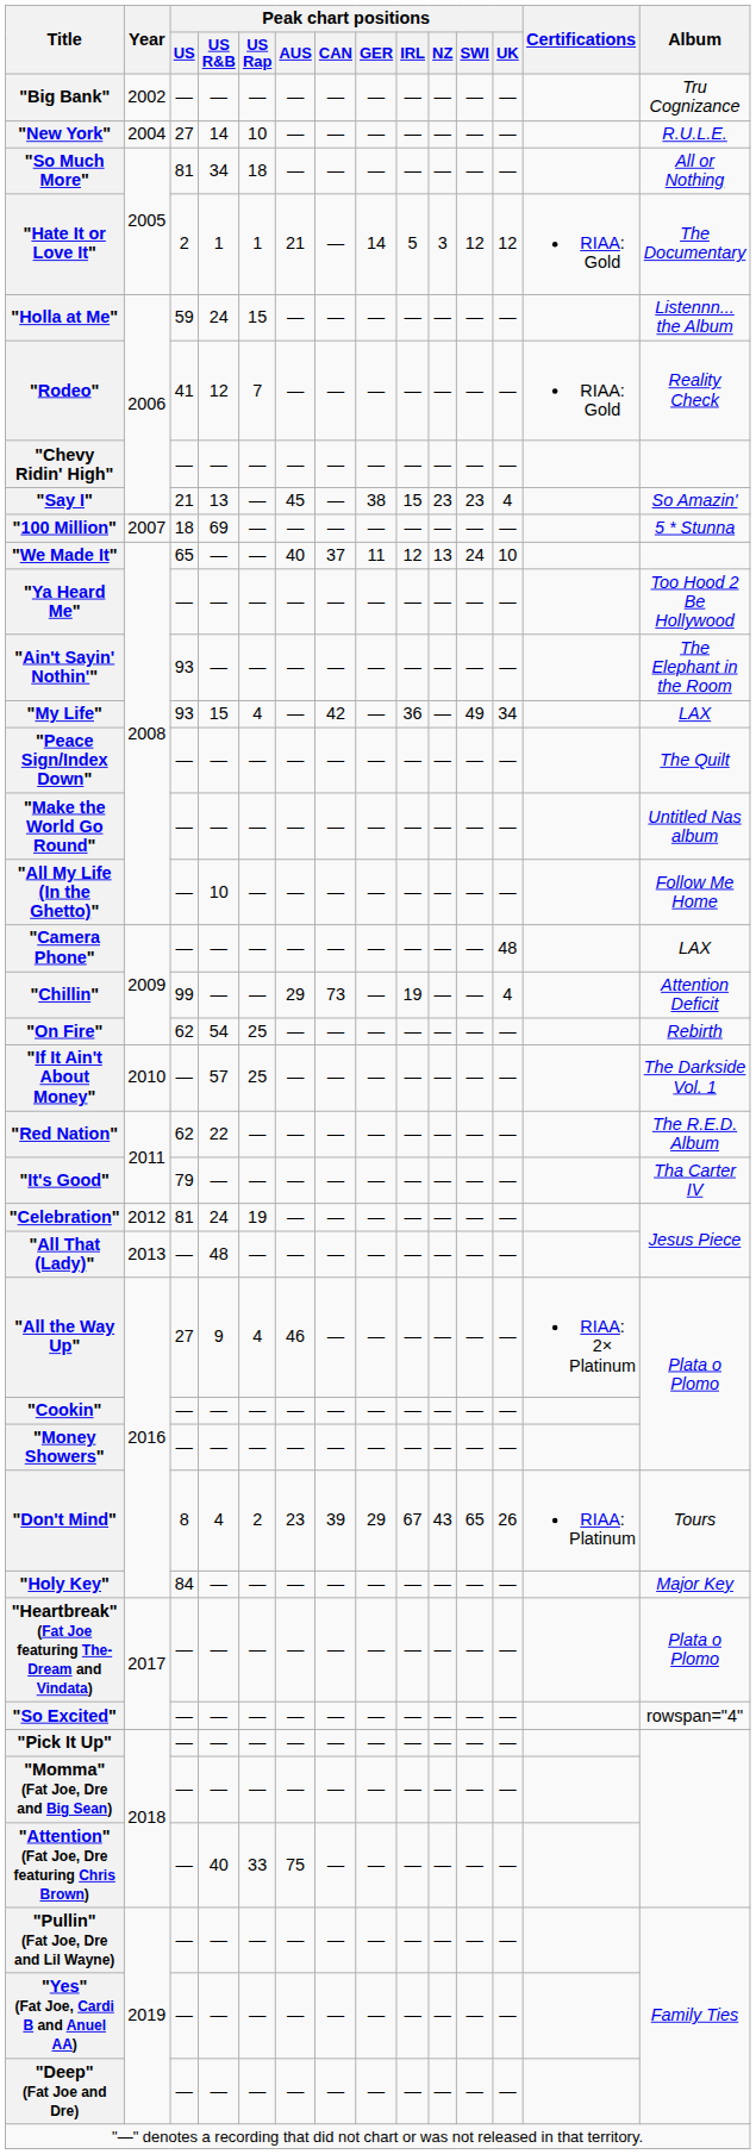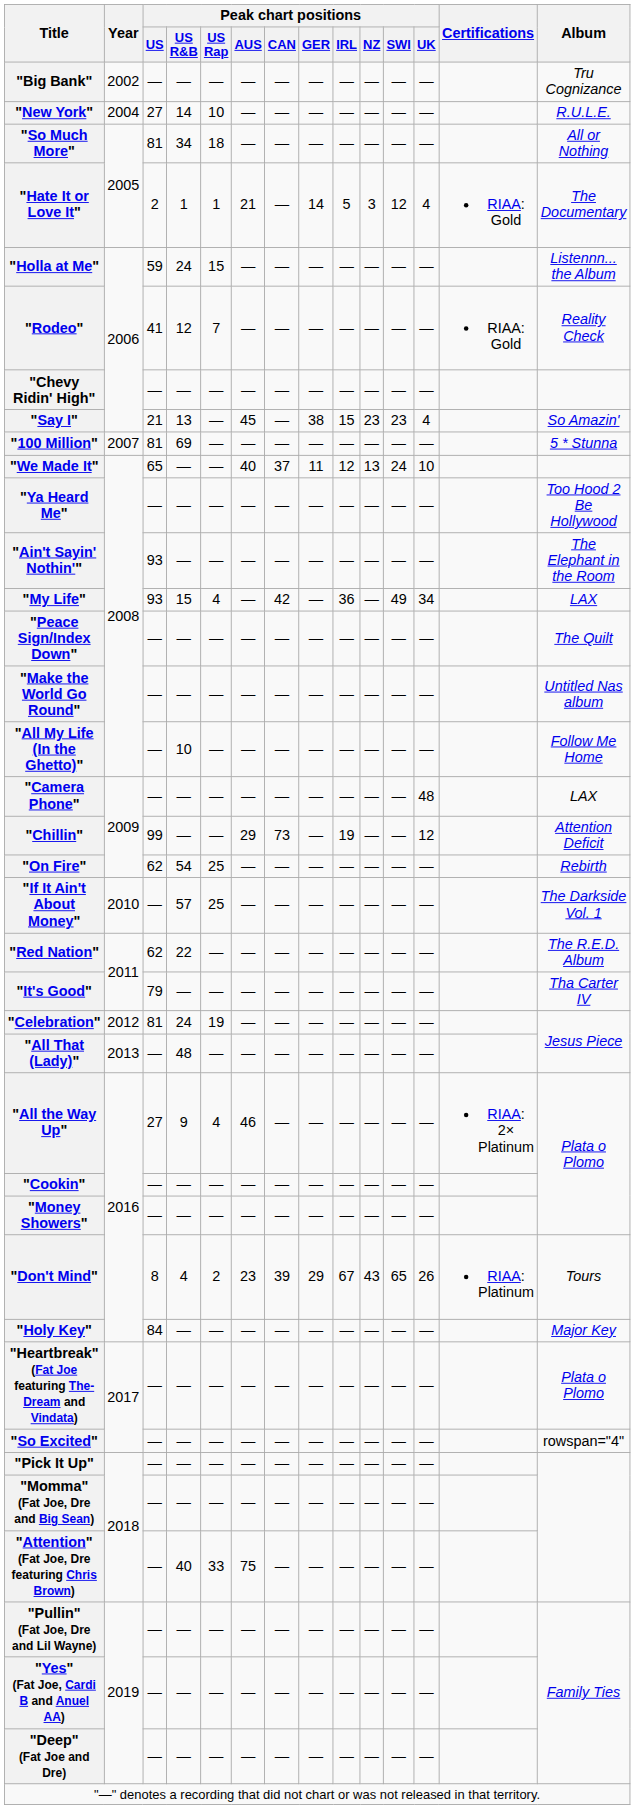 <table class="wikitable plainrowheaders" style="text-align:center;">
 <tr>
 <th scope="col" rowspan="2" style="width:16em;">Title</th>
 <th scope="col" rowspan="2">Year</th>
 <th scope="col" colspan="10">Peak chart positions</th>
 <th scope="col" rowspan="2" style="width:12em;"><a href='#'>Certifications</a></th>
 <th scope="col" rowspan="2">Album</th>
 </tr>
 <tr>
 <th scope="col" style="width:3em;font-size:90%;"><a href='#'>US</a><br></th>
 <th scope="col" style="width:3em;font-size:90%;"><a href='#'>US<br>R&B</a><br></th>
 <th scope="col" style="width:3em;font-size:90%;"><a href='#'>US<br>Rap</a><br></th>
 <th scope="col" style="width:3em;font-size:90%;"><a href='#'>AUS</a><br></th>
 <th scope="col" style="width:3em;font-size:90%;"><a href='#'>CAN</a><br></th>
 <th scope="col" style="width:3em;font-size:90%;"><a href='#'>GER</a><br></th>
 <th scope="col" style="width:3em;font-size:90%;"><a href='#'>IRL</a><br></th>
 <th scope="col" style="width:3em;font-size:90%;"><a href='#'>NZ</a><br></th>
 <th scope="col" style="width:3em;font-size:90%;"><a href='#'>SWI</a><br></th>
 <th scope="col" style="width:3em;font-size:90%;"><a href='#'>UK</a><br></th>
 </tr>
 <tr>
 <th scope="row">"Big Bank"<br></th>
 <td rowspan="1">2002</td>
 <td>—</td>
 <td>—</td>
 <td>—</td>
 <td>—</td>
 <td>—</td>
 <td>—</td>
 <td>—</td>
 <td>—</td>
 <td>—</td>
 <td>—</td>
 <td></td>
 <td><em>Tru Cognizance</em></td>
 </tr>
 <tr>
 <th scope="row">"<a href='#'>New York</a>"<br></th>
 <td rowspan="1">2004</td>
 <td>27</td>
 <td>14</td>
 <td>10</td>
 <td>—</td>
 <td>—</td>
 <td>—</td>
 <td>—</td>
 <td>—</td>
 <td>—</td>
 <td>—</td>
 <td></td>
 <td><em><a href='#'>R.U.L.E.</a></em></td>
 </tr>
 <tr>
 <th scope="row">"<a href='#'>So Much More</a>"<br></th>
 <td rowspan="2">2005</td>
 <td>81</td>
 <td>34</td>
 <td>18</td>
 <td>—</td>
 <td>—</td>
 <td>—</td>
 <td>—</td>
 <td>—</td>
 <td>—</td>
 <td>—</td>
 <td></td>
 <td><em><a href='#'>All or Nothing</a></em></td>
 </tr>
 <tr>
 <th scope="row">"<a href='#'>Hate It or Love It</a>"<br></th>
 <td>2</td>
 <td>1</td>
 <td>1</td>
 <td>21</td>
 <td>—</td>
 <td>14</td>
 <td>5</td>
 <td>3</td>
 <td>12</td>
-<td>12</td>
+<td>4</td>
 <td><br><ul><li><a href='#'>RIAA</a>: Gold</li></ul></td>
 <td><em><a href='#'>The Documentary</a></em></td>
 </tr>
 <tr>
 <th scope="row">"<a href='#'>Holla at Me</a>"<br></th>
 <td rowspan="4">2006</td>
 <td>59</td>
 <td>24</td>
 <td>15</td>
 <td>—</td>
 <td>—</td>
 <td>—</td>
 <td>—</td>
 <td>—</td>
 <td>—</td>
 <td>—</td>
 <td></td>
 <td><em><a href='#'>Listennn... the Album</a></em></td>
 </tr>
 <tr>
 <th scope="row">"<a href='#'>Rodeo</a>"<br></th>
 <td>41</td>
 <td>12</td>
 <td>7</td>
 <td>—</td>
 <td>—</td>
 <td>—</td>
 <td>—</td>
 <td>—</td>
 <td>—</td>
 <td>—</td>
 <td><br><ul><li>RIAA: Gold</li></ul></td>
 <td><em><a href='#'>Reality Check</a></em></td>
 </tr>
 <tr>
 <th scope="row">"Chevy Ridin' High"<br></th>
 <td>—</td>
 <td>—</td>
 <td>—</td>
 <td>—</td>
 <td>—</td>
 <td>—</td>
 <td>—</td>
 <td>—</td>
 <td>—</td>
 <td>—</td>
 <td></td>
 <td></td>
 </tr>
 <tr>
 <th scope="row">"<a href='#'>Say I</a>"<br></th>
 <td>21</td>
 <td>13</td>
 <td>—</td>
 <td>45</td>
 <td>—</td>
 <td>38</td>
 <td>15</td>
 <td>23</td>
 <td>23</td>
 <td>4</td>
 <td></td>
 <td><em><a href='#'>So Amazin'</a></em></td>
 </tr>
 <tr>
 <th scope="row">"<a href='#'>100 Million</a>"<br></th>
 <td rowspan="1">2007</td>
-<td>18</td>
+<td>81</td>
 <td>69</td>
 <td>—</td>
 <td>—</td>
 <td>—</td>
 <td>—</td>
 <td>—</td>
 <td>—</td>
 <td>—</td>
 <td>—</td>
 <td></td>
 <td><em><a href='#'>5 * Stunna</a></em></td>
 </tr>
 <tr>
 <th scope="row">"<a href='#'>We Made It</a>"<br></th>
 <td rowspan="7">2008</td>
 <td>65</td>
 <td>—</td>
 <td>—</td>
 <td>40</td>
 <td>37</td>
 <td>11</td>
 <td>12</td>
 <td>13</td>
 <td>24</td>
 <td>10</td>
 <td></td>
 <td></td>
 </tr>
 <tr>
 <th scope="row">"<a href='#'>Ya Heard Me</a>"<br></th>
 <td>—</td>
 <td>—</td>
 <td>—</td>
 <td>—</td>
 <td>—</td>
 <td>—</td>
 <td>—</td>
 <td>—</td>
 <td>—</td>
 <td>—</td>
 <td></td>
 <td><em><a href='#'>Too Hood 2 Be Hollywood</a></em></td>
 </tr>
 <tr>
 <th scope="row">"<a href='#'>Ain't Sayin' Nothin'</a>"<br></th>
 <td>93</td>
 <td>—</td>
 <td>—</td>
 <td>—</td>
 <td>—</td>
 <td>—</td>
 <td>—</td>
 <td>—</td>
 <td>—</td>
 <td>—</td>
 <td></td>
 <td><em><a href='#'>The Elephant in the Room</a></em></td>
 </tr>
 <tr>
 <th scope="row">"<a href='#'>My Life</a>"<br></th>
 <td>93</td>
 <td>15</td>
 <td>4</td>
 <td>—</td>
 <td>42</td>
 <td>—</td>
 <td>36</td>
 <td>—</td>
 <td>49</td>
 <td>34</td>
 <td></td>
 <td><em><a href='#'>LAX</a></em></td>
 </tr>
 <tr>
 <th scope="row">"<a href='#'>Peace Sign/Index Down</a>"<br></th>
 <td>—</td>
 <td>—</td>
 <td>—</td>
 <td>—</td>
 <td>—</td>
 <td>—</td>
 <td>—</td>
 <td>—</td>
 <td>—</td>
 <td>—</td>
 <td></td>
 <td><em><a href='#'>The Quilt</a></em></td>
 </tr>
 <tr>
 <th scope="row">"<a href='#'>Make the World Go Round</a>"<br></th>
 <td>—</td>
 <td>—</td>
 <td>—</td>
 <td>—</td>
 <td>—</td>
 <td>—</td>
 <td>—</td>
 <td>—</td>
 <td>—</td>
 <td>—</td>
 <td></td>
 <td><em><a href='#'>Untitled Nas album</a></em></td>
 </tr>
 <tr>
 <th scope="row">"<a href='#'>All My Life (In the Ghetto)</a>"<br></th>
 <td>—</td>
 <td>10</td>
 <td>—</td>
 <td>—</td>
 <td>—</td>
 <td>—</td>
 <td>—</td>
 <td>—</td>
 <td>—</td>
 <td>—</td>
 <td></td>
 <td><em><a href='#'>Follow Me Home</a></em></td>
 </tr>
 <tr>
 <th scope="row">"<a href='#'>Camera Phone</a>"<br></th>
 <td rowspan="3">2009</td>
 <td>—</td>
 <td>—</td>
 <td>—</td>
 <td>—</td>
 <td>—</td>
 <td>—</td>
 <td>—</td>
 <td>—</td>
 <td>—</td>
 <td>48</td>
 <td></td>
 <td><em>LAX</em></td>
 </tr>
 <tr>
 <th scope="row">"<a href='#'>Chillin</a>"<br></th>
 <td>99</td>
 <td>—</td>
 <td>—</td>
 <td>29</td>
 <td>73</td>
 <td>—</td>
 <td>19</td>
 <td>—</td>
 <td>—</td>
-<td>4</td>
+<td>12</td>
 <td></td>
 <td><em><a href='#'>Attention Deficit</a></em></td>
 </tr>
 <tr>
 <th scope="row">"<a href='#'>On Fire</a>"<br></th>
 <td>62</td>
 <td>54</td>
 <td>25</td>
 <td>—</td>
 <td>—</td>
 <td>—</td>
 <td>—</td>
 <td>—</td>
 <td>—</td>
 <td>—</td>
 <td></td>
 <td><em><a href='#'>Rebirth</a></em></td>
 </tr>
 <tr>
 <th scope="row">"<a href='#'>If It Ain't About Money</a>"<br></th>
 <td rowspan="1">2010</td>
 <td>—</td>
 <td>57</td>
 <td>25</td>
 <td>—</td>
 <td>—</td>
 <td>—</td>
 <td>—</td>
 <td>—</td>
 <td>—</td>
 <td>—</td>
 <td></td>
 <td><em><a href='#'>The Darkside Vol. 1</a></em></td>
 </tr>
 <tr>
 <th scope="row">"<a href='#'>Red Nation</a>"<br></th>
 <td rowspan="2">2011</td>
 <td>62</td>
 <td>22</td>
 <td>—</td>
 <td>—</td>
 <td>—</td>
 <td>—</td>
 <td>—</td>
 <td>—</td>
 <td>—</td>
 <td>—</td>
 <td></td>
 <td><em><a href='#'>The R.E.D. Album</a></em></td>
 </tr>
 <tr>
 <th scope="row">"<a href='#'>It's Good</a>"<br></th>
 <td>79</td>
 <td>—</td>
 <td>—</td>
 <td>—</td>
 <td>—</td>
 <td>—</td>
 <td>—</td>
 <td>—</td>
 <td>—</td>
 <td>—</td>
 <td></td>
 <td><em><a href='#'>Tha Carter IV</a></em></td>
 </tr>
 <tr>
 <th scope="row">"<a href='#'>Celebration</a>"<br></th>
 <td rowspan="1">2012</td>
 <td>81</td>
 <td>24</td>
 <td>19</td>
 <td>—</td>
 <td>—</td>
 <td>—</td>
 <td>—</td>
 <td>—</td>
 <td>—</td>
 <td>—</td>
 <td></td>
 <td rowspan="2"><em><a href='#'>Jesus Piece</a></em></td>
 </tr>
 <tr>
 <th scope="row">"<a href='#'>All That (Lady)</a>"<br></th>
 <td rowspan="1">2013</td>
 <td>—</td>
 <td>48</td>
 <td>—</td>
 <td>—</td>
 <td>—</td>
 <td>—</td>
 <td>—</td>
 <td>—</td>
 <td>—</td>
 <td>—</td>
 <td></td>
 </tr>
 <tr>
 <th scope="row">"<a href='#'>All the Way Up</a>"<br></th>
 <td rowspan="5">2016</td>
 <td>27</td>
 <td>9</td>
 <td>4</td>
 <td>46</td>
 <td>—</td>
 <td>—</td>
 <td>—</td>
 <td>—</td>
 <td>—</td>
 <td>—</td>
 <td><br><ul><li><a href='#'>RIAA</a>: 2× Platinum</li></ul></td>
 <td rowspan="3"><em><a href='#'>Plata o Plomo</a></em></td>
 </tr>
 <tr>
 <th scope="row">"<a href='#'>Cookin</a>"<br></th>
 <td>—</td>
 <td>—</td>
 <td>—</td>
 <td>—</td>
 <td>—</td>
 <td>—</td>
 <td>—</td>
 <td>—</td>
 <td>—</td>
 <td>—</td>
 <td></td>
 </tr>
 <tr>
 <th scope="row">"<a href='#'>Money Showers</a>"<br></th>
 <td>—</td>
 <td>—</td>
 <td>—</td>
 <td>—</td>
 <td>—</td>
 <td>—</td>
 <td>—</td>
 <td>—</td>
 <td>—</td>
 <td>—</td>
 <td></td>
 </tr>
 <tr>
 <th scope="row">"<a href='#'>Don't Mind</a>"<br></th>
 <td>8</td>
 <td>4</td>
 <td>2</td>
 <td>23</td>
 <td>39</td>
 <td>29</td>
 <td>67</td>
 <td>43</td>
 <td>65</td>
 <td>26</td>
 <td><br><ul><li><a href='#'>RIAA</a>: Platinum</li></ul></td>
 <td><em>Tours</em></td>
 </tr>
 <tr>
 <th scope="row">"<a href='#'>Holy Key</a>"<br></th>
 <td>84</td>
 <td>—</td>
 <td>—</td>
 <td>—</td>
 <td>—</td>
 <td>—</td>
 <td>—</td>
 <td>—</td>
 <td>—</td>
 <td>—</td>
 <td></td>
 <td><em><a href='#'>Major Key</a></em></td>
 </tr>
 <tr>
 <th scope="row">"Heartbreak"<br><small>(<a href='#'>Fat Joe</a> featuring <a href='#'>The-Dream</a> and <a href='#'>Vindata</a>)</small></th>
 <td rowspan="2">2017</td>
 <td>—</td>
 <td>—</td>
 <td>—</td>
 <td>—</td>
 <td>—</td>
 <td>—</td>
 <td>—</td>
 <td>—</td>
 <td>—</td>
 <td>—</td>
 <td></td>
 <td><em><a href='#'>Plata o Plomo</a></em></td>
 </tr>
 <tr>
 <th scope="row">"<a href='#'>So Excited</a>"<br></th>
 <td>—</td>
 <td>—</td>
 <td>—</td>
 <td>—</td>
 <td>—</td>
 <td>—</td>
 <td>—</td>
 <td>—</td>
 <td>—</td>
 <td>—</td>
 <td></td>
 <td>rowspan="4" </td>
 </tr>
 <tr>
 <th scope="row">"Pick It Up"<br></th>
 <td rowspan="3">2018</td>
 <td>—</td>
 <td>—</td>
 <td>—</td>
 <td>—</td>
 <td>—</td>
 <td>—</td>
 <td>—</td>
 <td>—</td>
 <td>—</td>
 <td>—</td>
 <td></td>
 </tr>
 <tr>
 <th scope="row">"Momma"<br><small>(Fat Joe, Dre and <a href='#'>Big Sean</a>)</small></th>
 <td>—</td>
 <td>—</td>
 <td>—</td>
 <td>—</td>
 <td>—</td>
 <td>—</td>
 <td>—</td>
 <td>—</td>
 <td>—</td>
 <td>—</td>
 <td></td>
 </tr>
 <tr>
 <th scope="row">"<a href='#'>Attention</a>"<br><small>(Fat Joe, Dre featuring <a href='#'>Chris Brown</a>)</small></th>
 <td>—</td>
 <td>40</td>
 <td>33</td>
 <td>75</td>
 <td>—</td>
 <td>—</td>
 <td>—</td>
 <td>—</td>
 <td>—</td>
 <td>—</td>
 <td></td>
 </tr>
 <tr>
 <th scope="row">"Pullin"<br><small>(Fat Joe, Dre and Lil Wayne)</small></th>
 <td rowspan="3">2019</td>
 <td>—</td>
 <td>—</td>
 <td>—</td>
 <td>—</td>
 <td>—</td>
 <td>—</td>
 <td>—</td>
 <td>—</td>
 <td>—</td>
 <td>—</td>
 <td></td>
 <td rowspan="3"><em><a href='#'>Family Ties</a></em></td>
 </tr>
 <tr>
 <th scope="row">"<a href='#'>Yes</a>"<br><small>(Fat Joe, <a href='#'>Cardi B</a> and <a href='#'>Anuel AA</a>)</small></th>
 <td>—</td>
 <td>—</td>
 <td>—</td>
 <td>—</td>
 <td>—</td>
 <td>—</td>
 <td>—</td>
 <td>—</td>
 <td>—</td>
 <td>—</td>
 <td></td>
 </tr>
 <tr>
 <th scope="row">"Deep"<br><small>(Fat Joe and Dre)</small></th>
 <td>—</td>
 <td>—</td>
 <td>—</td>
 <td>—</td>
 <td>—</td>
 <td>—</td>
 <td>—</td>
 <td>—</td>
 <td>—</td>
 <td>—</td>
 <td></td>
 </tr>
 <tr>
 <td colspan="14" style="font-size:90%">"—" denotes a recording that did not chart or was not released in that territory.</td>
 </tr>
 </table>
